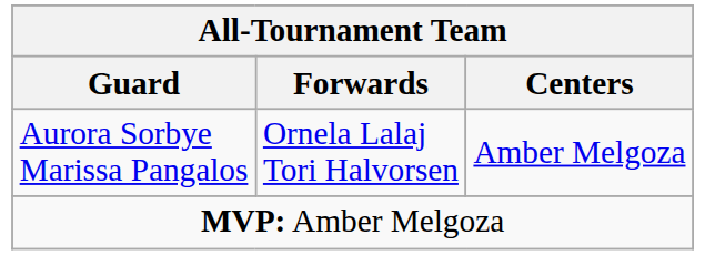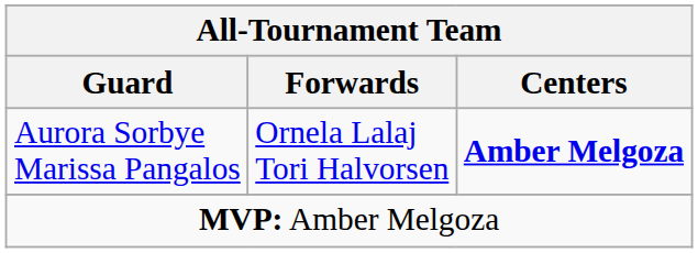 <table class=wikitable style="margin:auto">
 <tr>
 <th colspan=3 align=center>All-Tournament Team</th>
 </tr>
 <tr>
 <th>Guard</th>
 <th>Forwards</th>
 <th>Centers</th>
 </tr>
 <tr>
 <td> <a href='#'>Aurora Sorbye</a><br> <a href='#'>Marissa Pangalos</a></td>
 <td valign=center> <a href='#'>Ornela Lalaj</a><br> <a href='#'>Tori Halvorsen</a></td>
-<td> <a href='#'>Amber Melgoza</a></td>
+<td><strong> <a href='#'>Amber Melgoza</a></strong></td>
 </tr>
 <tr>
 <td colspan=3 align=center><strong>MVP:</strong>  Amber Melgoza</td>
 </tr>
 </table>
